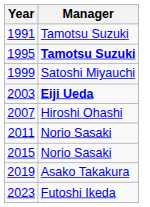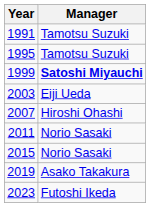 <table class="wikitable">
 <tr>
 <th>Year</th>
 <th>Manager</th>
 </tr>
 <tr>
 <td align=center><a href='#'>1991</a></td>
 <td> <a href='#'>Tamotsu Suzuki</a></td>
 </tr>
 <tr>
 <td align=center><a href='#'>1995</a></td>
-<td><strong> <a href='#'>Tamotsu Suzuki</a></strong></td>
+<td> <a href='#'>Tamotsu Suzuki</a></td>
 </tr>
 <tr>
 <td align=center><a href='#'>1999</a></td>
-<td> <a href='#'>Satoshi Miyauchi</a></td>
+<td><strong> <a href='#'>Satoshi Miyauchi</a></strong></td>
 </tr>
 <tr>
 <td align=center><a href='#'>2003</a></td>
-<td><strong> <a href='#'>Eiji Ueda</a></strong></td>
+<td> <a href='#'>Eiji Ueda</a></td>
 </tr>
 <tr>
 <td align=center><a href='#'>2007</a></td>
 <td> <a href='#'>Hiroshi Ohashi</a></td>
 </tr>
 <tr>
 <td align=center><a href='#'>2011</a></td>
 <td> <a href='#'>Norio Sasaki</a></td>
 </tr>
 <tr>
 <td align=center><a href='#'>2015</a></td>
 <td> <a href='#'>Norio Sasaki</a></td>
 </tr>
 <tr>
 <td align=center><a href='#'>2019</a></td>
 <td> <a href='#'>Asako Takakura</a></td>
 </tr>
 <tr>
 <td align=center><a href='#'>2023</a></td>
 <td> <a href='#'>Futoshi Ikeda</a></td>
 </tr>
 </table>
